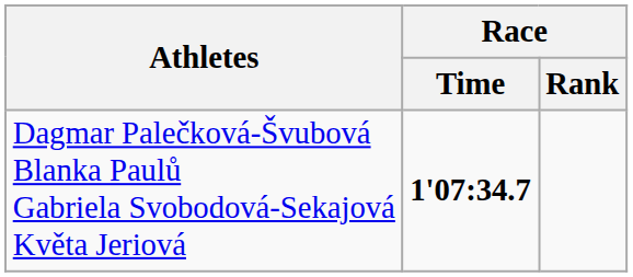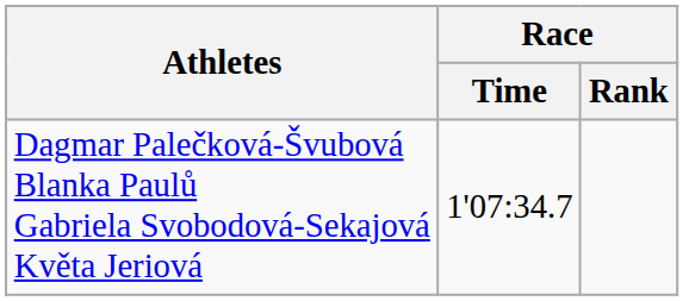 <table class="wikitable" border="1" style="font-size:90%">
 <tr>
 <th rowspan=2>Athletes</th>
 <th colspan=2>Race</th>
 </tr>
 <tr>
 <th>Time</th>
 <th>Rank</th>
 </tr>
 <tr>
 <td><a href='#'>Dagmar Palečková-Švubová</a><br><a href='#'>Blanka Paulů</a><br><a href='#'>Gabriela Svobodová-Sekajová</a><br><a href='#'>Květa Jeriová</a></td>
-<td align=center><strong>1'07:34.7</strong></td>
+<td align=center>1'07:34.7</td>
 <td align=center></td>
 </tr>
 </table>
